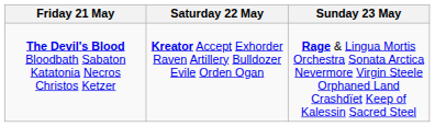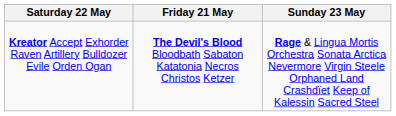 <table class="wikitable">
 <tr>
+<th>Saturday 22 May</th>
 <th>Friday 21 May</th>
-<th>Saturday 22 May</th>
 <th>Sunday 23 May</th>
 </tr>
 <tr>
+<td valign="top" align="center" width=185><br><strong><a href='#'>Kreator</a></strong> <a href='#'>Accept</a> <a href='#'>Exhorder</a> <a href='#'>Raven</a> <a href='#'>Artillery</a> <a href='#'>Bulldozer</a> <a href='#'>Evile</a> <a href='#'>Orden Ogan</a></td>
 <td valign="top" align="center" width=185><br><strong><a href='#'>The Devil's Blood</a></strong> <a href='#'>Bloodbath</a> <a href='#'>Sabaton</a> <a href='#'>Katatonia</a> <a href='#'>Necros Christos</a> <a href='#'>Ketzer</a></td>
-<td valign="top" align="center" width=185><br><strong><a href='#'>Kreator</a></strong> <a href='#'>Accept</a> <a href='#'>Exhorder</a> <a href='#'>Raven</a> <a href='#'>Artillery</a> <a href='#'>Bulldozer</a> <a href='#'>Evile</a> <a href='#'>Orden Ogan</a></td>
 <td valign="top" align="center" width=185><br><strong><a href='#'>Rage</a></strong> & <a href='#'>Lingua Mortis Orchestra</a> <a href='#'>Sonata Arctica</a> <a href='#'>Nevermore</a> <a href='#'>Virgin Steele</a> <a href='#'>Orphaned Land</a> <a href='#'>Crashdïet</a> <a href='#'>Keep of Kalessin</a> <a href='#'>Sacred Steel</a></td>
 </tr>
 </table>
